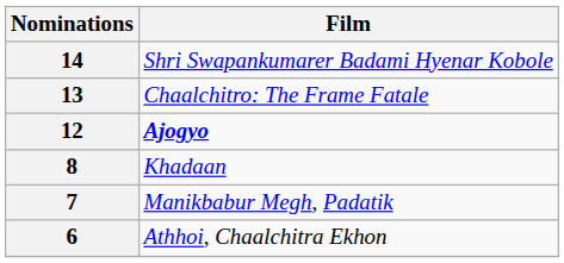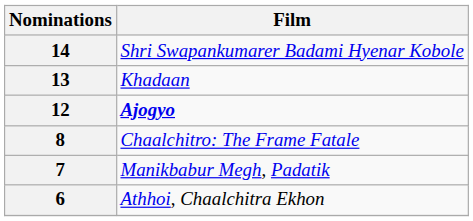 <table class="wikitable" style="display:inline-table;">
 <tr>
 <th>Nominations</th>
 <th>Film</th>
 </tr>
 <tr>
 <th>14</th>
 <td><em><a href='#'>Shri Swapankumarer Badami Hyenar Kobole</a></em></td>
 </tr>
 <tr>
 <th>13</th>
-<td><em><a href='#'>Chaalchitro: The Frame Fatale</a></em></td>
+<td><em><a href='#'>Khadaan</a></em></td>
 </tr>
 <tr>
 <th>12</th>
 <td><strong><em><a href='#'>Ajogyo</a></em></strong></td>
 </tr>
 <tr>
 <th>8</th>
-<td><em><a href='#'>Khadaan</a></em></td>
+<td><em><a href='#'>Chaalchitro: The Frame Fatale</a></em></td>
 </tr>
 <tr>
 <th>7</th>
 <td><em><a href='#'>Manikbabur Megh</a></em>, <em><a href='#'>Padatik</a></em></td>
 </tr>
 <tr>
 <th>6</th>
 <td><em><a href='#'>Athhoi</a></em>, <em>Chaalchitra Ekhon</em></td>
 </tr>
 <tr>
 </tr>
 </table>
